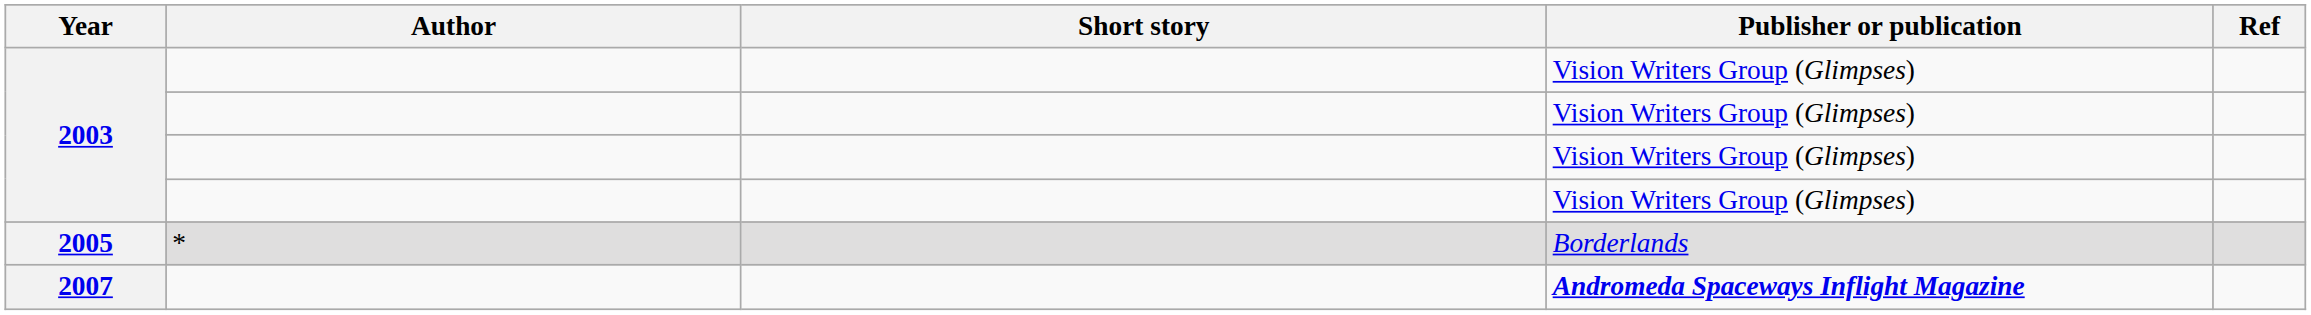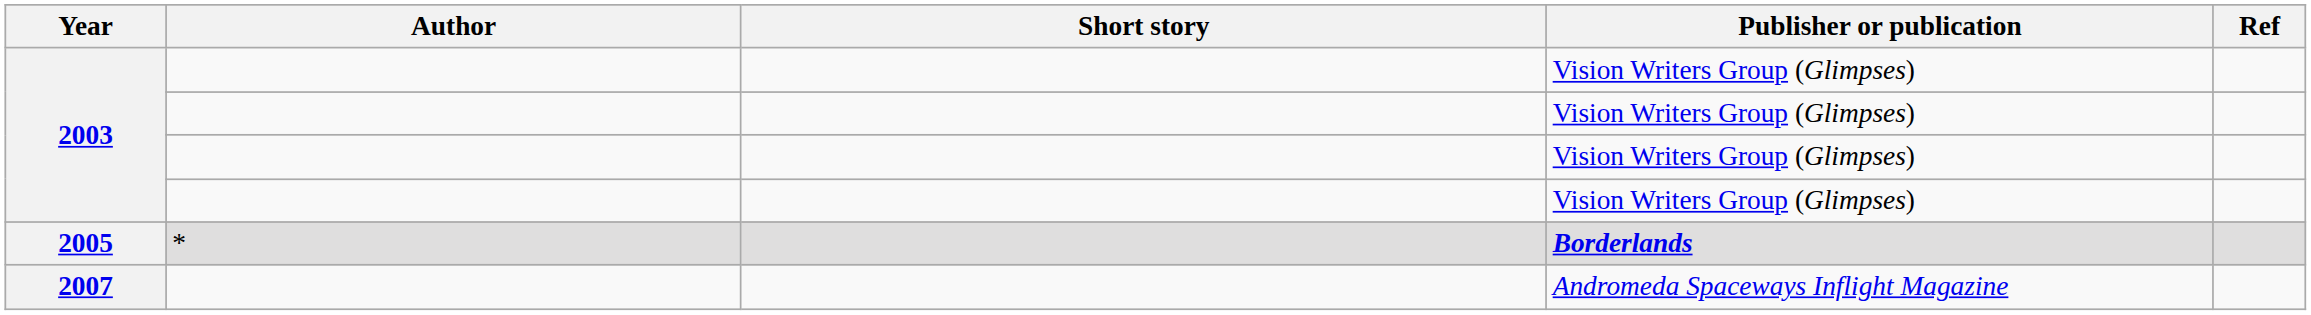 <table class="sortable wikitable" width="85%" cellpadding="5" style="margin: 1em auto 1em auto">
 <tr>
 <th width="7%">Year</th>
 <th width="25%">Author</th>
 <th width="35%">Short story</th>
 <th width="29%">Publisher or publication</th>
 <th width="4%" class="unsortable">Ref</th>
 </tr>
 <tr>
 <th rowspan="4" align="center"><a href='#'>2003</a></th>
 <td></td>
 <td></td>
 <td><a href='#'>Vision Writers Group</a> (<em>Glimpses</em>)</td>
 <td></td>
 </tr>
 <tr>
 <td></td>
 <td></td>
 <td><a href='#'>Vision Writers Group</a> (<em>Glimpses</em>)</td>
 <td></td>
 </tr>
 <tr>
 <td></td>
 <td></td>
 <td><a href='#'>Vision Writers Group</a> (<em>Glimpses</em>)</td>
 <td></td>
 </tr>
 <tr>
 <td></td>
 <td></td>
 <td><a href='#'>Vision Writers Group</a> (<em>Glimpses</em>)</td>
 <td></td>
 </tr>
 <tr style="background:#dfdede;">
 <th align="center"><a href='#'>2005</a></th>
 <td>*</td>
 <td></td>
-<td><em><a href='#'>Borderlands</a></em></td>
+<td><strong><em><a href='#'>Borderlands</a></em></strong></td>
 <td></td>
 </tr>
 <tr>
 <th align="center"><a href='#'>2007</a></th>
 <td></td>
 <td></td>
-<td><strong><em><a href='#'>Andromeda Spaceways Inflight Magazine</a></em></strong></td>
+<td><em><a href='#'>Andromeda Spaceways Inflight Magazine</a></em></td>
 <td></td>
 </tr>
 </table>
